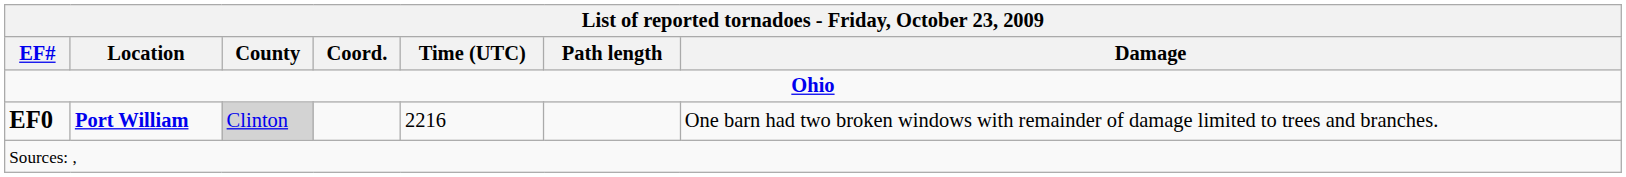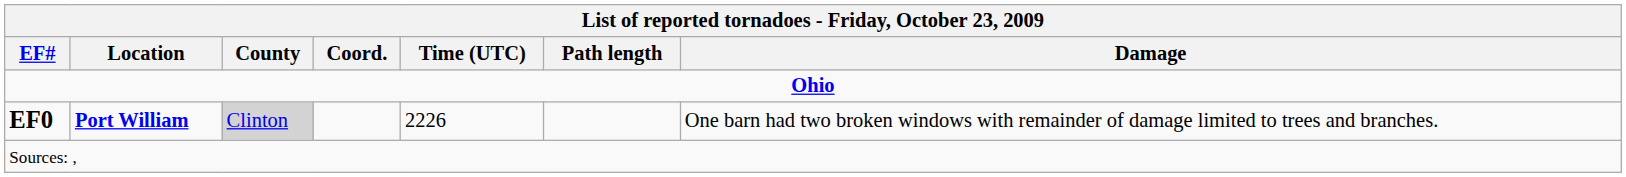 <table class="wikitable collapsible" width="100%">
 <tr>
 <th colspan="7">List of reported tornadoes - Friday, October 23, 2009</th>
 </tr>
 <tr>
 <th><a href='#'>EF#</a></th>
 <th>Location</th>
 <th>County</th>
 <th>Coord.</th>
 <th>Time (UTC)</th>
 <th>Path length</th>
 <th>Damage</th>
 </tr>
 <tr>
 <td colspan="7" align=center><strong><a href='#'>Ohio</a></strong></td>
 </tr>
 <tr>
 <td><big><strong>EF0</strong></big></td>
 <td><strong><a href='#'>Port William</a></strong></td>
 <td style="background: lightgrey;"><a href='#'>Clinton</a></td>
 <td></td>
-<td>2216</td>
+<td>2226</td>
 <td></td>
 <td>One barn had two broken windows with remainder of damage limited to trees and branches.</td>
 </tr>
 <tr>
 <td colspan="7"><small>Sources: , </small></td>
 </tr>
 </table>
